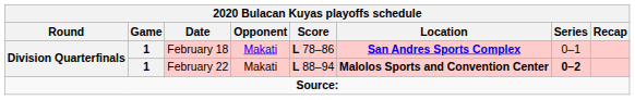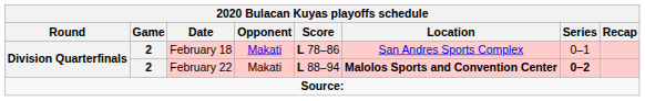 <table class="wikitable" style="text-align:center">
 <tr>
 <th colspan=8>2020 Bulacan Kuyas playoffs schedule</th>
 </tr>
 <tr>
 <th>Round</th>
 <th>Game</th>
 <th>Date</th>
 <th>Opponent</th>
 <th>Score</th>
 <th>Location</th>
 <th>Series</th>
 <th>Recap<br></th>
 </tr>
 <tr style="background:#fcc">
 <th rowspan=2>Division Quarterfinals</th>
-<th>1</th>
+<th>2</th>
 <td>February 18</td>
 <td><a href='#'>Makati</a></td>
 <td><strong>L</strong> 78–86</td>
-<td><strong><a href='#'>San Andres Sports Complex</a></strong></td>
+<td><a href='#'>San Andres Sports Complex</a></td>
 <td>0–1</td>
 <td></td>
 </tr>
 <tr style="background:#fcc">
-<th>1</th>
+<th>2</th>
 <td>February 22</td>
 <td>Makati</td>
 <td><strong>L</strong> 88–94</td>
 <td><strong>Malolos Sports and Convention Center</strong></td>
 <td><strong>0–2</strong></td>
 <td></td>
 </tr>
 <tr>
 <td colspan=8 align=center><strong>Source: </strong></td>
 </tr>
 </table>
